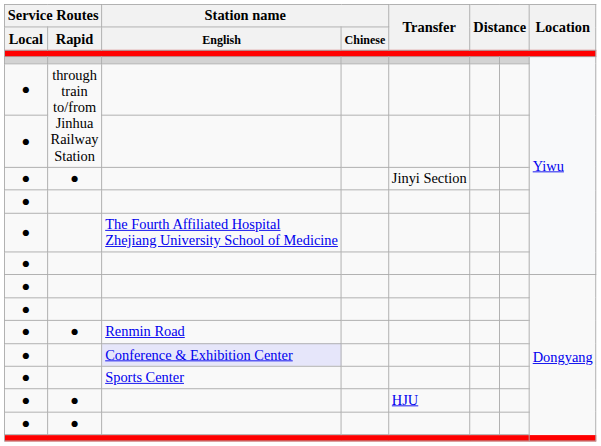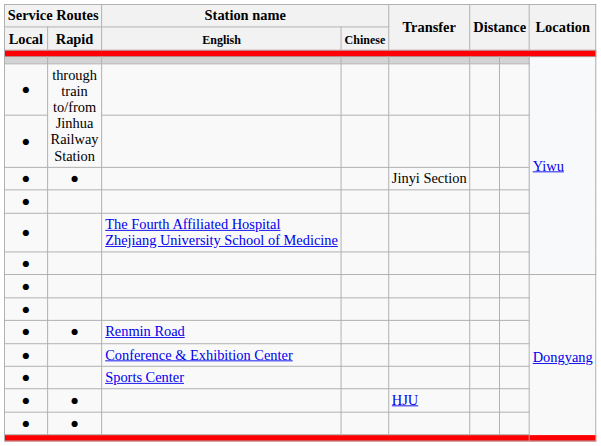 <table class="wikitable">
 <tr>
 <th colspan="2">Service Routes</th>
 <th colspan="2">Station name</th>
 <th rowspan=2>Transfer</th>
 <th colspan="2" rowspan="2">Distance<br></th>
 <th rowspan="2">Location</th>
 </tr>
 <tr>
 <th>Local</th>
 <th>Rapid</th>
 <th><small>English</small></th>
 <th><small>Chinese</small></th>
 </tr>
 <tr style = "background:#FF0000; height: 2pt">
 <td colspan="8"></td>
 </tr>
 <tr bgcolor="lightgrey">
 <td></td>
 <td></td>
 <td><em></em></td>
 <td></td>
 <td></td>
 <td></td>
 <td></td>
 <td rowspan="7" bgcolor="#F8F9FA"><a href='#'>Yiwu</a></td>
 </tr>
 <tr>
 <td align="center">●</td>
 <td style="width: 4pt" align="center" rowspan="2">through train to/from Jinhua Railway Station</td>
 <td></td>
 <td></td>
 <td></td>
 <td></td>
 <td></td>
 </tr>
 <tr>
 <td align="center">●</td>
 <td></td>
 <td></td>
 <td></td>
 <td></td>
 <td></td>
 </tr>
 <tr>
 <td align="center">●</td>
 <td align="center">●</td>
 <td></td>
 <td></td>
 <td>Jinyi Section</td>
 <td></td>
 <td></td>
 </tr>
 <tr>
 <td align="center">●</td>
 <td align="center"></td>
 <td></td>
 <td></td>
 <td></td>
 <td></td>
 <td></td>
 </tr>
 <tr>
 <td align="center">●</td>
 <td align="center"></td>
 <td><a href='#'>The Fourth Affiliated Hospital<br>Zhejiang University School of Medicine</a></td>
 <td></td>
 <td></td>
 <td></td>
 <td></td>
 </tr>
 <tr>
 <td align="center">●</td>
 <td align="center"></td>
 <td></td>
 <td></td>
 <td></td>
 <td></td>
 <td></td>
 </tr>
 <tr>
 <td align="center">●</td>
 <td align="center"></td>
 <td></td>
 <td></td>
 <td></td>
 <td></td>
 <td></td>
 <td rowspan="8"><a href='#'>Dongyang</a></td>
 </tr>
 <tr>
 <td align="center">●</td>
 <td align="center"></td>
 <td></td>
 <td></td>
 <td></td>
 <td></td>
 <td></td>
 </tr>
 <tr>
 <td align="center">●</td>
 <td align="center">●</td>
 <td><a href='#'>Renmin Road</a></td>
 <td></td>
 <td></td>
 <td></td>
 <td></td>
 </tr>
 <tr>
 <td align="center">●</td>
 <td align="center"></td>
-<td style="background: lavender;"><a href='#'>Conference & Exhibition Center</a></td>
+<td><a href='#'>Conference & Exhibition Center</a></td>
 <td></td>
 <td></td>
 <td></td>
 <td></td>
 </tr>
 <tr>
 <td align="center">●</td>
 <td align="center"></td>
 <td><a href='#'>Sports Center</a></td>
 <td></td>
 <td></td>
 <td></td>
 <td></td>
 </tr>
 <tr>
 <td align="center">●</td>
 <td align="center">●</td>
 <td></td>
 <td></td>
 <td> <a href='#'>HJU</a></td>
 <td></td>
 <td></td>
 </tr>
 <tr>
 <td align="center">●</td>
 <td align="center">●</td>
 <td></td>
 <td></td>
 <td></td>
 <td></td>
 <td><br></td>
 </tr>
 <tr style = "background:#FF0000; height: 2pt">
 <td colspan="8"></td>
 </tr>
 </table>
